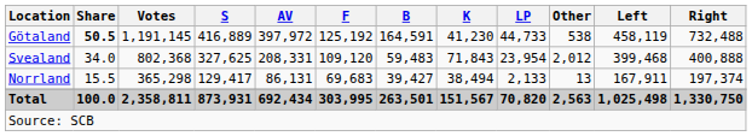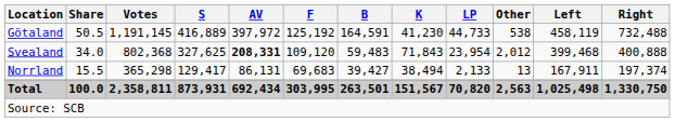 <table class="wikitable sortable" style=text-align:right>
 <tr>
 <th>Location</th>
 <th>Share</th>
 <th>Votes</th>
 <th><a href='#'>S</a></th>
 <th><a href='#'>AV</a></th>
 <th><a href='#'>F</a></th>
 <th><a href='#'>B</a></th>
 <th><a href='#'>K</a></th>
 <th><a href='#'>LP</a></th>
 <th>Other</th>
 <th>Left</th>
 <th>Right</th>
 </tr>
 <tr>
 <td align=left><a href='#'>Götaland</a></td>
-<td><strong>50.5</strong></td>
+<td>50.5</td>
 <td>1,191,145</td>
 <td>416,889</td>
 <td>397,972</td>
 <td>125,192</td>
 <td>164,591</td>
 <td>41,230</td>
 <td>44,733</td>
 <td>538</td>
 <td>458,119</td>
 <td>732,488</td>
 </tr>
 <tr>
 <td align=left><a href='#'>Svealand</a></td>
 <td>34.0</td>
 <td>802,368</td>
 <td>327,625</td>
-<td>208,331</td>
+<td><strong>208,331</strong></td>
 <td>109,120</td>
 <td>59,483</td>
 <td>71,843</td>
 <td>23,954</td>
 <td>2,012</td>
 <td>399,468</td>
 <td>400,888</td>
 </tr>
 <tr>
 <td align=left><a href='#'>Norrland</a></td>
 <td>15.5</td>
 <td>365,298</td>
 <td>129,417</td>
 <td>86,131</td>
 <td>69,683</td>
 <td>39,427</td>
 <td>38,494</td>
 <td>2,133</td>
 <td>13</td>
 <td>167,911</td>
 <td>197,374</td>
 </tr>
 <tr>
 </tr>
 <tr style="background:#CDCDCD;">
 <td align=left><strong>Total</strong></td>
 <td><strong>100.0</strong></td>
 <td><strong>2,358,811</strong></td>
 <td><strong>873,931</strong></td>
 <td><strong>692,434</strong></td>
 <td><strong>303,995</strong></td>
 <td><strong>263,501</strong></td>
 <td><strong>151,567</strong></td>
 <td><strong>70,820</strong></td>
 <td><strong>2,563</strong></td>
 <td><strong>1,025,498</strong></td>
 <td><strong>1,330,750</strong></td>
 </tr>
 <tr>
 <td align=left colspan=12>Source: SCB </td>
 </tr>
 </table>
